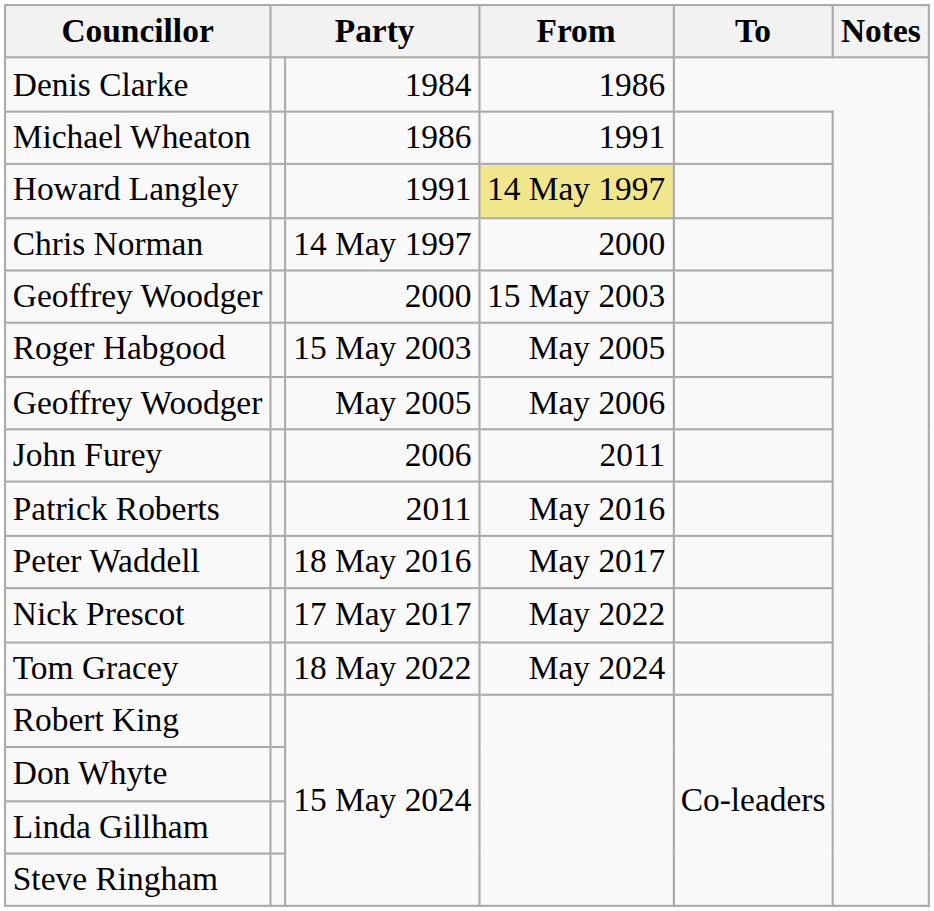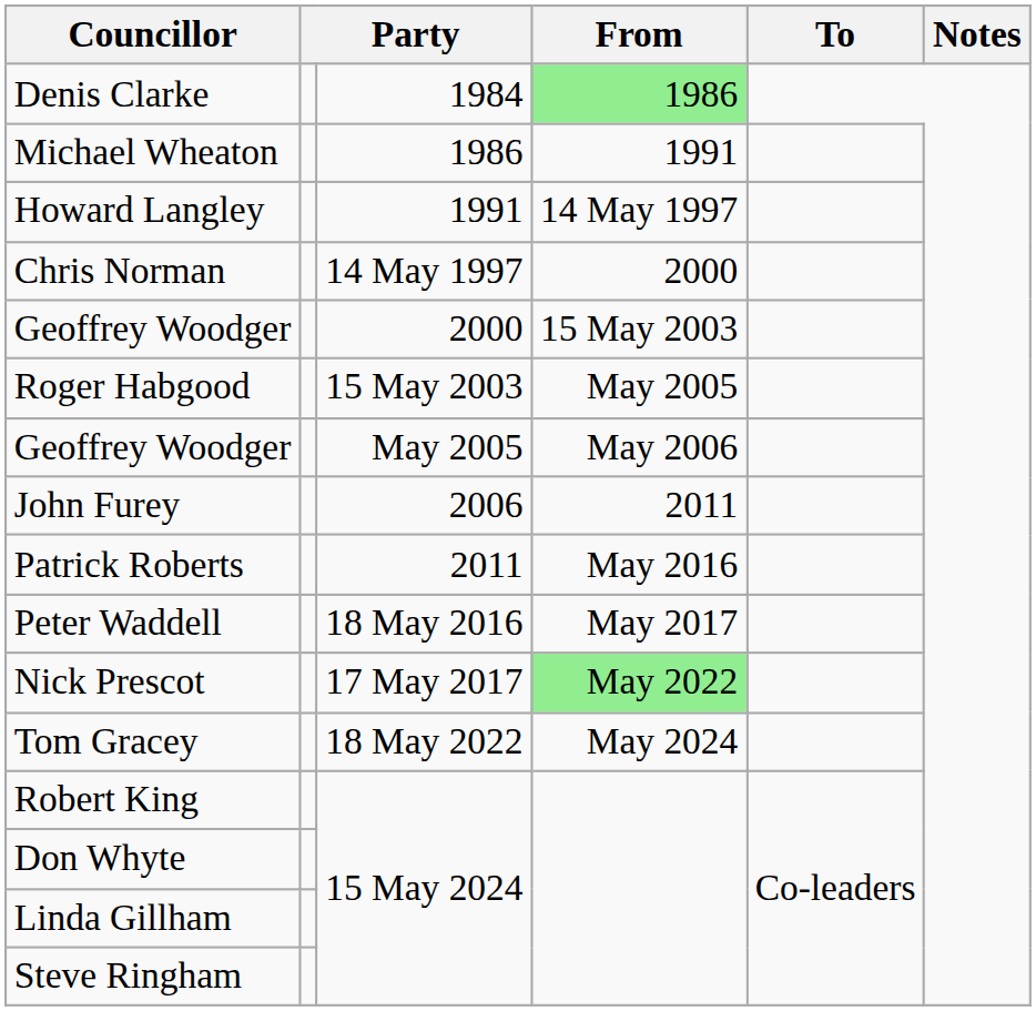 <table class=wikitable>
 <tr>
 <th>Councillor</th>
 <th colspan=2>Party</th>
 <th>From</th>
 <th>To</th>
 <th>Notes</th>
 </tr>
 <tr>
 <td>Denis Clarke</td>
 <td></td>
 <td align=right>1984</td>
-<td align=right>1986</td>
+<td align=right style="background: lightgreen;">1986</td>
 </tr>
 <tr>
 <td>Michael Wheaton</td>
 <td></td>
 <td align=right>1986</td>
 <td align=right>1991</td>
 <td></td>
 </tr>
 <tr>
 <td>Howard Langley</td>
 <td></td>
 <td align=right>1991</td>
-<td align=right style="background: khaki;">14 May 1997</td>
+<td align=right>14 May 1997</td>
 <td></td>
 </tr>
 <tr>
 <td>Chris Norman</td>
 <td></td>
 <td align=right>14 May 1997</td>
 <td align=right>2000</td>
 <td></td>
 </tr>
 <tr>
 <td>Geoffrey Woodger</td>
 <td></td>
 <td align=right>2000</td>
 <td align=right>15 May 2003</td>
 <td></td>
 </tr>
 <tr>
 <td>Roger Habgood</td>
 <td></td>
 <td align=right>15 May 2003</td>
 <td align=right>May 2005</td>
 <td></td>
 </tr>
 <tr>
 <td>Geoffrey Woodger</td>
 <td></td>
 <td align=right>May 2005</td>
 <td align=right>May 2006</td>
 <td></td>
 </tr>
 <tr>
 <td>John Furey</td>
 <td></td>
 <td align=right>2006</td>
 <td align=right>2011</td>
 <td></td>
 </tr>
 <tr>
 <td>Patrick Roberts</td>
 <td></td>
 <td align=right>2011</td>
 <td align=right>May 2016</td>
 <td></td>
 </tr>
 <tr>
 <td>Peter Waddell</td>
 <td></td>
 <td align=right>18 May 2016</td>
 <td align=right>May 2017</td>
 <td></td>
 </tr>
 <tr>
 <td>Nick Prescot</td>
 <td></td>
 <td align=right>17 May 2017</td>
-<td align=right>May 2022</td>
+<td align=right style="background: lightgreen;">May 2022</td>
 <td></td>
 </tr>
 <tr>
 <td>Tom Gracey</td>
 <td></td>
 <td align=right>18 May 2022</td>
 <td align=right>May 2024</td>
 <td></td>
 </tr>
 <tr>
 <td>Robert King</td>
 <td></td>
 <td rowspan="4"align="right">15 May 2024</td>
 <td rowspan="4"></td>
 <td rowspan=4>Co-leaders</td>
 </tr>
 <tr>
 <td>Don Whyte</td>
 <td></td>
 </tr>
 <tr>
 <td>Linda Gillham</td>
 <td></td>
 </tr>
 <tr>
 <td>Steve Ringham</td>
 <td></td>
 </tr>
 </table>
